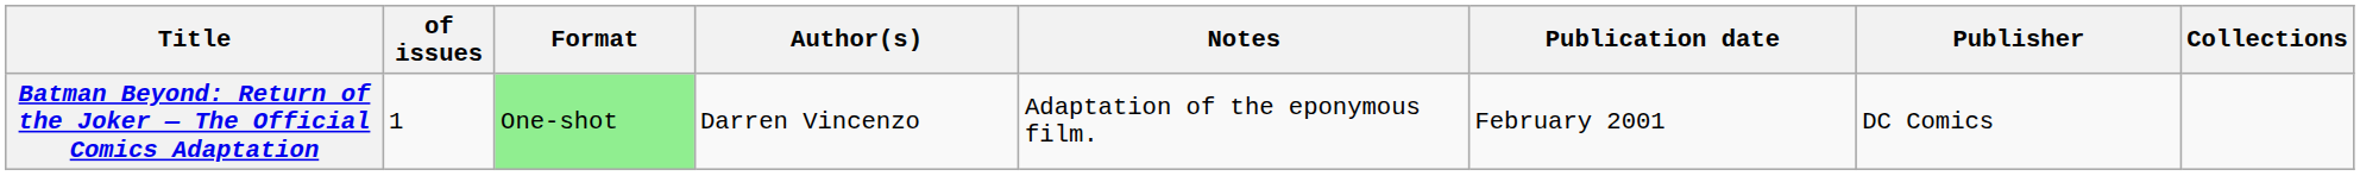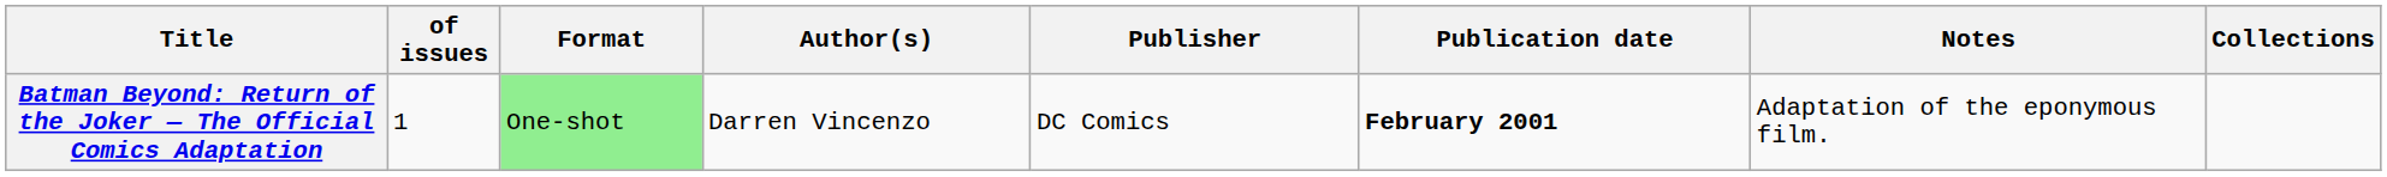 <table class="wikitable">
 <tr>
 <th>Title</th>
 <th style="width:40pt"> of issues</th>
 <th style="width:75pt">Format</th>
 <th style="width:125pt">Author(s)</th>
+<th style="width:125pt">Publisher</th>
+<th style="width:150pt">Publication date</th>
 <th style="width:175pt">Notes</th>
-<th style="width:150pt">Publication date</th>
-<th style="width:125pt">Publisher</th>
 <th>Collections</th>
 </tr>
 <tr>
 <th><em><a href='#'>Batman Beyond: Return of the Joker — The Official Comics Adaptation</a></em></th>
 <td>1</td>
 <td style="background: lightgreen;">One-shot</td>
 <td>Darren Vincenzo</td>
+<td>DC Comics</td>
+<td><strong>February 2001</strong></td>
 <td>Adaptation of the eponymous film.</td>
-<td>February 2001</td>
-<td>DC Comics</td>
 <td></td>
 </tr>
 </table>
